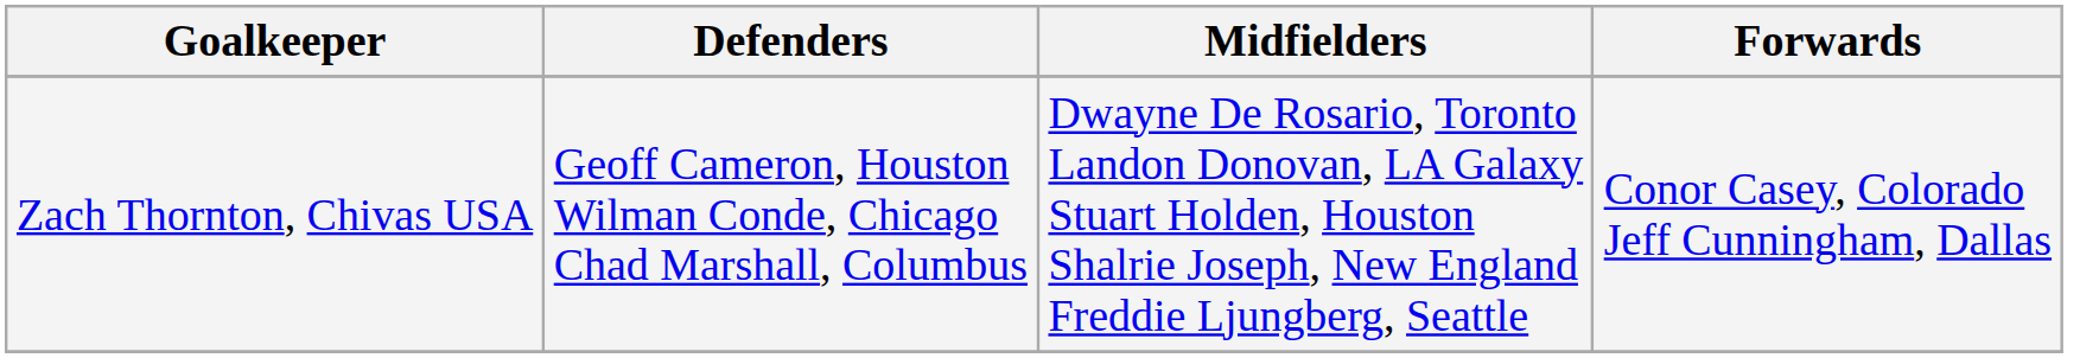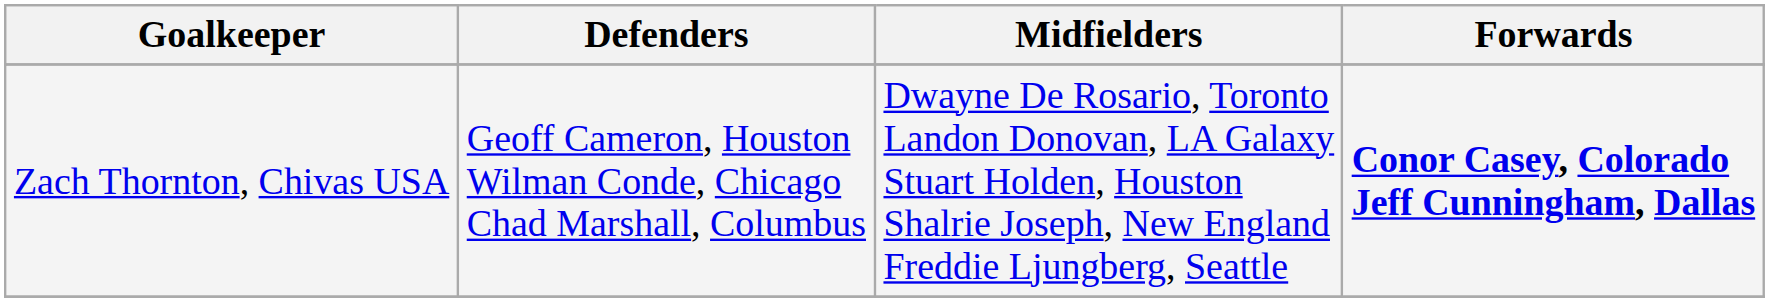 <table class="wikitable">
 <tr style="background:#cccccc;">
 <th>Goalkeeper</th>
 <th>Defenders</th>
 <th>Midfielders</th>
 <th>Forwards</th>
 </tr>
 <tr>
 </tr>
 <tr style="background:#f4f4f4;">
 <td> <a href='#'>Zach Thornton</a>, <a href='#'>Chivas USA</a></td>
 <td> <a href='#'>Geoff Cameron</a>, <a href='#'>Houston</a><br> <a href='#'>Wilman Conde</a>, <a href='#'>Chicago</a><br> <a href='#'>Chad Marshall</a>, <a href='#'>Columbus</a></td>
 <td> <a href='#'>Dwayne De Rosario</a>, <a href='#'>Toronto</a> <br> <a href='#'>Landon Donovan</a>, <a href='#'>LA Galaxy</a> <br> <a href='#'>Stuart Holden</a>, <a href='#'>Houston</a><br> <a href='#'>Shalrie Joseph</a>, <a href='#'>New England</a> <br> <a href='#'>Freddie Ljungberg</a>, <a href='#'>Seattle</a></td>
-<td> <a href='#'>Conor Casey</a>, <a href='#'>Colorado</a><br> <a href='#'>Jeff Cunningham</a>, <a href='#'>Dallas</a></td>
+<td><strong> <a href='#'>Conor Casey</a>, <a href='#'>Colorado</a><br> <a href='#'>Jeff Cunningham</a>, <a href='#'>Dallas</a></strong></td>
 </tr>
 <tr style="background:#f4f4f4;">
 </tr>
 </table>
